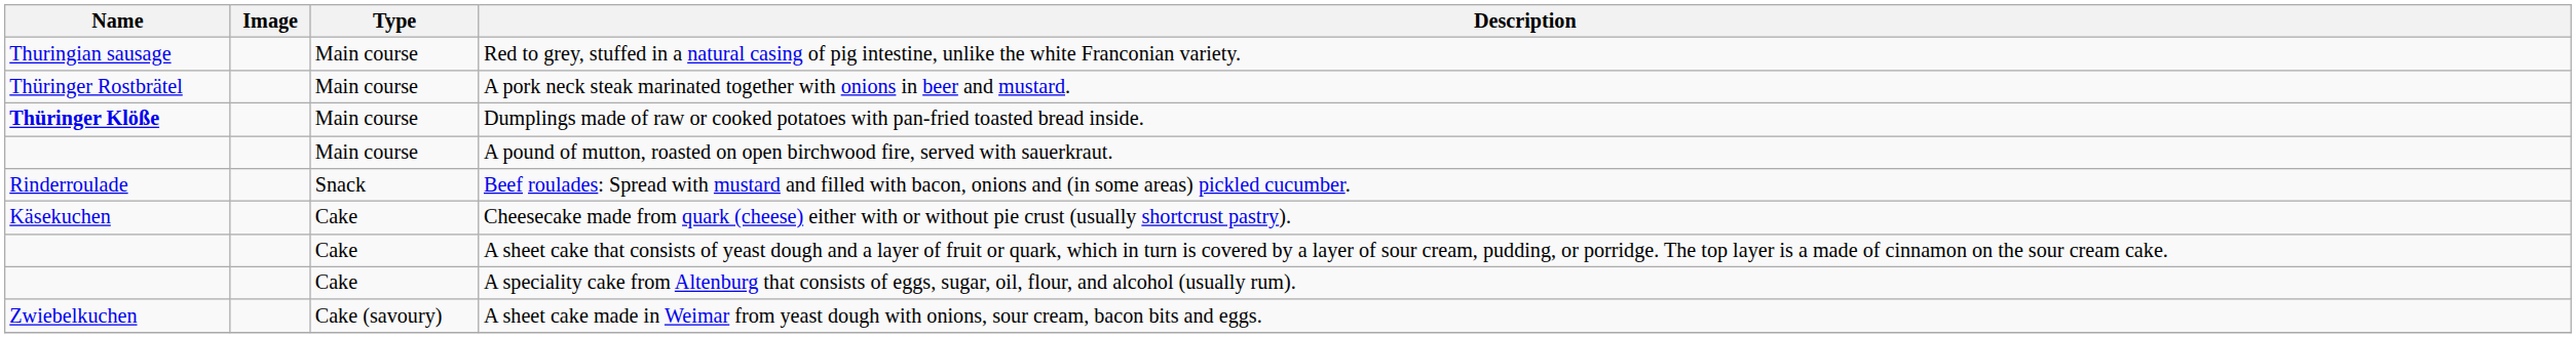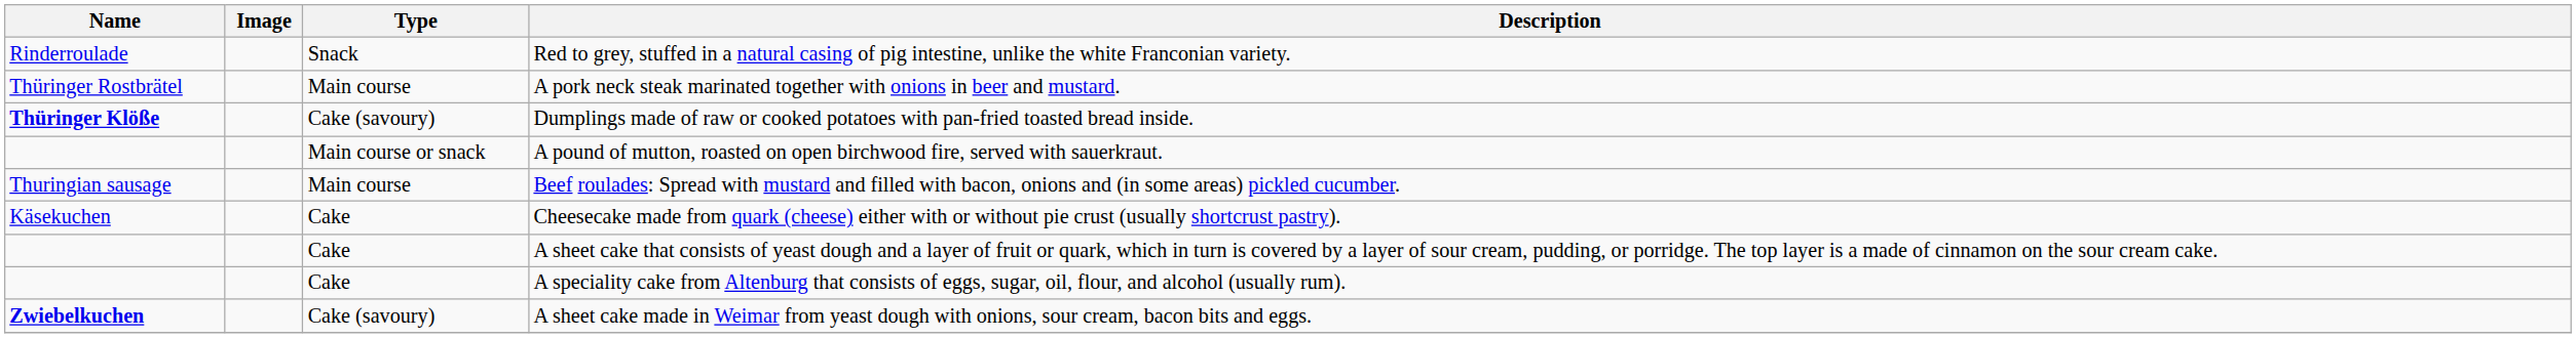 <table class="wikitable sortable" style="width:100%;">
 <tr>
 <th>Name</th>
 <th>Image</th>
 <th>Type</th>
 <th>Description</th>
 </tr>
 <tr>
-<td><a href='#'>Thuringian sausage</a></td>
+<td><a href='#'>Rinderroulade</a></td>
 <td></td>
-<td>Main course</td>
+<td>Snack</td>
 <td>Red to grey, stuffed in a <a href='#'>natural casing</a> of pig intestine, unlike the white Franconian variety.</td>
 </tr>
 <tr>
 <td><a href='#'>Thüringer Rostbrätel</a></td>
 <td></td>
 <td>Main course</td>
 <td>A pork neck steak marinated together with <a href='#'>onions</a> in <a href='#'>beer</a> and <a href='#'>mustard</a>.</td>
 </tr>
 <tr>
 <td><strong><a href='#'>Thüringer Klöße</a></strong></td>
 <td></td>
-<td>Main course</td>
+<td>Cake (savoury)</td>
 <td>Dumplings made of raw or cooked potatoes with pan-fried toasted bread inside.</td>
 </tr>
 <tr>
 <td></td>
 <td></td>
-<td>Main course</td>
+<td>Main course or snack</td>
 <td>A pound of mutton, roasted on open birchwood fire, served with sauerkraut.</td>
 </tr>
 <tr>
-<td><a href='#'>Rinderroulade</a></td>
+<td><a href='#'>Thuringian sausage</a></td>
 <td></td>
-<td>Snack</td>
+<td>Main course</td>
 <td><a href='#'>Beef</a> <a href='#'>roulades</a>: Spread with <a href='#'>mustard</a> and filled with bacon, onions and (in some areas) <a href='#'>pickled cucumber</a>.</td>
 </tr>
 <tr>
 <td><a href='#'>Käsekuchen</a></td>
 <td></td>
 <td>Cake</td>
 <td>Cheesecake made from <a href='#'>quark (cheese)</a> either with or without pie crust (usually <a href='#'>shortcrust pastry</a>).</td>
 </tr>
 <tr>
 <td></td>
 <td></td>
 <td>Cake</td>
 <td>A sheet cake that consists of yeast dough and a layer of fruit or quark, which in turn is covered by a layer of sour cream, pudding, or porridge. The top layer is a made of cinnamon on the sour cream cake.</td>
 </tr>
 <tr>
 <td></td>
 <td></td>
 <td>Cake</td>
 <td>A speciality cake from <a href='#'>Altenburg</a> that consists of eggs, sugar, oil, flour, and alcohol (usually rum).</td>
 </tr>
 <tr>
-<td><a href='#'>Zwiebelkuchen</a></td>
+<td><strong><a href='#'>Zwiebelkuchen</a></strong></td>
 <td></td>
 <td>Cake (savoury)</td>
 <td>A sheet cake made in <a href='#'>Weimar</a> from yeast dough with onions, sour cream, bacon bits and eggs.</td>
 </tr>
 <tr>
 </tr>
 </table>
